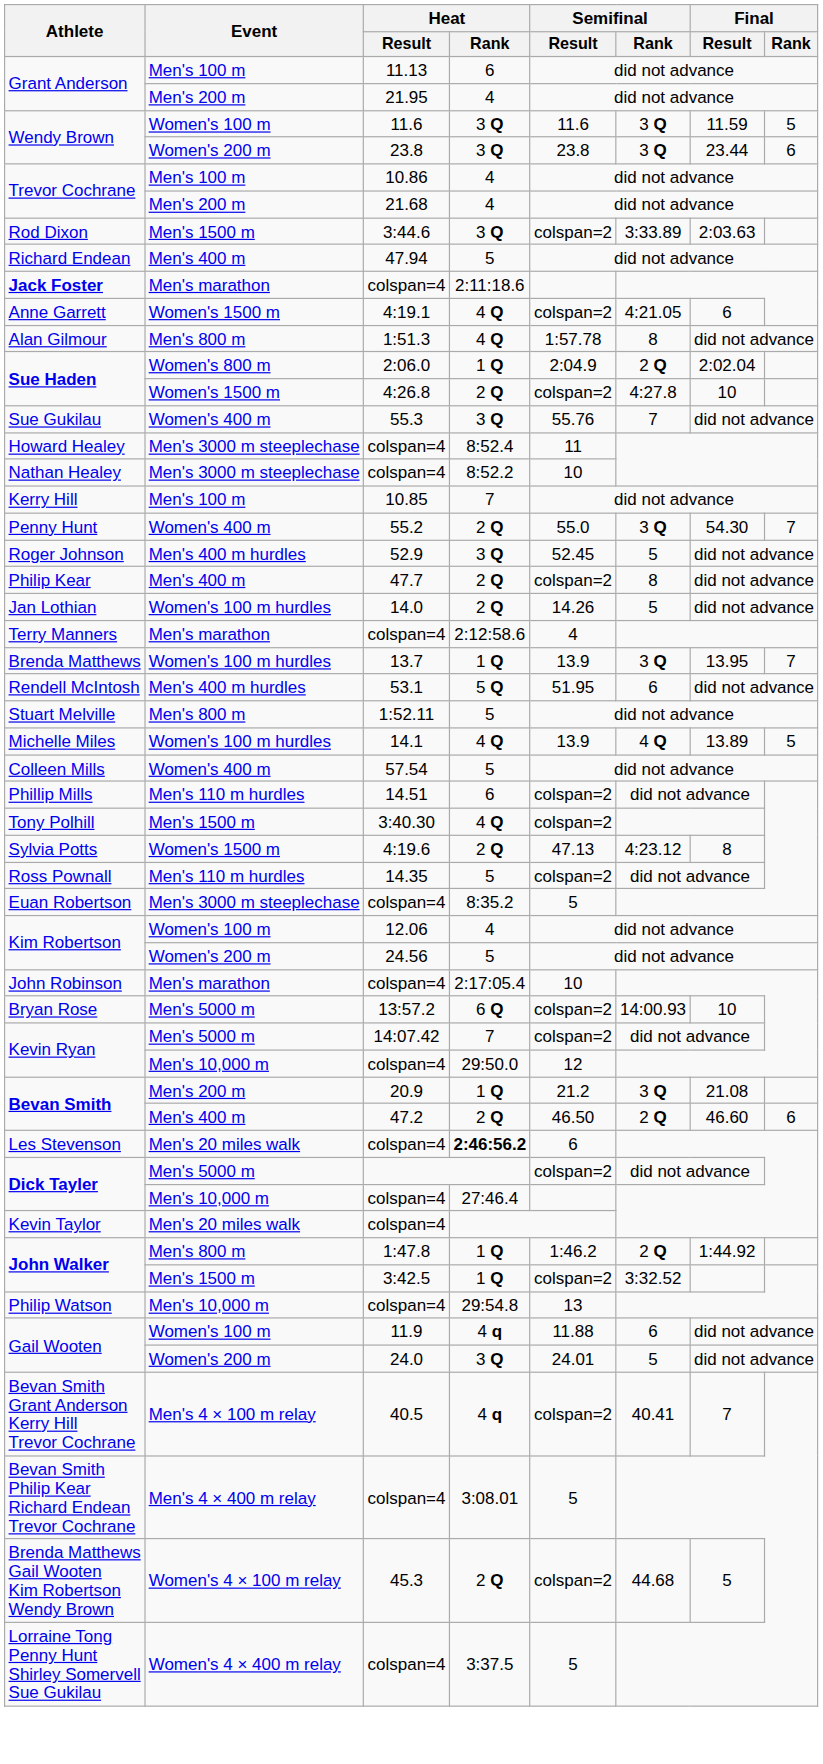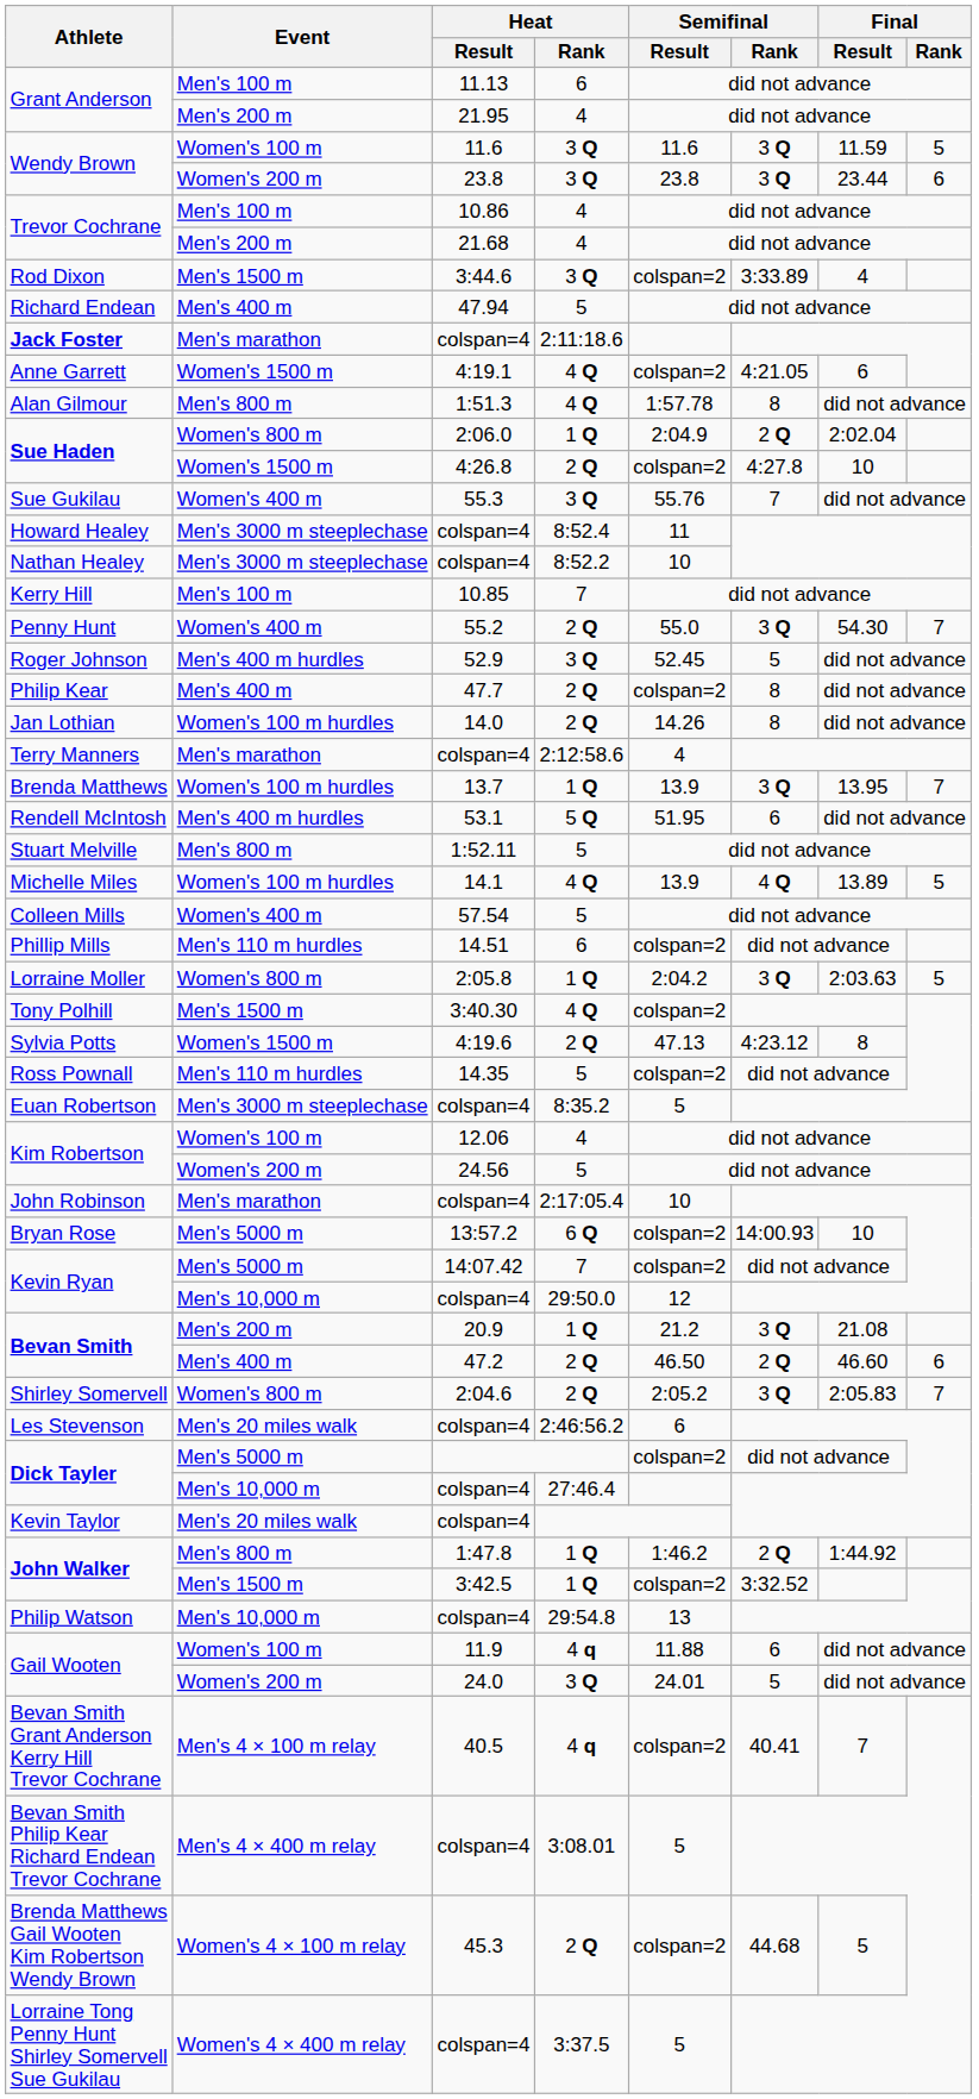 <table class=wikitable style=font-size:90%>
 <tr>
 <th rowspan=2>Athlete</th>
 <th rowspan=2>Event</th>
 <th colspan=2>Heat</th>
 <th colspan=2>Semifinal</th>
 <th colspan=2>Final</th>
 </tr>
 <tr style=font-size:95%>
 <th>Result</th>
 <th>Rank</th>
 <th>Result</th>
 <th>Rank</th>
 <th>Result</th>
 <th>Rank</th>
 </tr>
 <tr align=center>
 <td align=left rowspan=2><a href='#'>Grant Anderson</a></td>
 <td align=left><a href='#'>Men's 100 m</a></td>
 <td>11.13</td>
 <td>6</td>
 <td colspan=4>did not advance</td>
 </tr>
 <tr align=center>
 <td align=left><a href='#'>Men's 200 m</a></td>
 <td>21.95</td>
 <td>4</td>
 <td colspan=4>did not advance</td>
 </tr>
 <tr align=center>
 <td align=left rowspan=2><a href='#'>Wendy Brown</a></td>
 <td align=left><a href='#'>Women's 100 m</a></td>
 <td>11.6</td>
 <td>3 <strong>Q</strong></td>
 <td>11.6</td>
 <td>3 <strong>Q</strong></td>
 <td>11.59</td>
 <td>5</td>
 </tr>
 <tr align=center>
 <td align=left><a href='#'>Women's 200 m</a></td>
 <td>23.8</td>
 <td>3 <strong>Q</strong></td>
 <td>23.8</td>
 <td>3 <strong>Q</strong></td>
 <td>23.44</td>
 <td>6</td>
 </tr>
 <tr align=center>
 <td align=left rowspan=2><a href='#'>Trevor Cochrane</a></td>
 <td align=left><a href='#'>Men's 100 m</a></td>
 <td>10.86</td>
 <td>4</td>
 <td colspan=4>did not advance</td>
 </tr>
 <tr align=center>
 <td align=left><a href='#'>Men's 200 m</a></td>
 <td>21.68</td>
 <td>4</td>
 <td colspan=4>did not advance</td>
 </tr>
 <tr align=center>
 <td align=left><a href='#'>Rod Dixon</a></td>
 <td align=left><a href='#'>Men's 1500 m</a></td>
 <td>3:44.6</td>
 <td>3 <strong>Q</strong></td>
 <td>colspan=2 </td>
 <td>3:33.89</td>
-<td>2:03.63</td>
+<td>4</td>
 </tr>
 <tr align=center>
 <td align=left><a href='#'>Richard Endean</a></td>
 <td align=left><a href='#'>Men's 400 m</a></td>
 <td>47.94</td>
 <td>5</td>
 <td colspan=4>did not advance</td>
 </tr>
 <tr align=center>
 <td align=left><strong><a href='#'>Jack Foster</a></strong></td>
 <td align=left><a href='#'>Men's marathon</a></td>
 <td>colspan=4 </td>
 <td>2:11:18.6</td>
 <td></td>
 </tr>
 <tr align=center>
 <td align=left><a href='#'>Anne Garrett</a></td>
 <td align=left><a href='#'>Women's 1500 m</a></td>
 <td>4:19.1</td>
 <td>4 <strong>Q</strong></td>
 <td>colspan=2 </td>
 <td>4:21.05</td>
 <td>6</td>
 </tr>
 <tr align=center>
 <td align=left><a href='#'>Alan Gilmour</a></td>
 <td align=left><a href='#'>Men's 800 m</a></td>
 <td>1:51.3</td>
 <td>4 <strong>Q</strong></td>
 <td>1:57.78</td>
 <td>8</td>
 <td colspan=2>did not advance</td>
 </tr>
 <tr align=center>
 <td align=left rowspan=2><strong><a href='#'>Sue Haden</a></strong></td>
 <td align=left><a href='#'>Women's 800 m</a></td>
 <td>2:06.0</td>
 <td>1 <strong>Q</strong></td>
 <td>2:04.9</td>
 <td>2 <strong>Q</strong></td>
 <td>2:02.04</td>
 <td></td>
 </tr>
 <tr align=center>
 <td align=left><a href='#'>Women's 1500 m</a></td>
 <td>4:26.8</td>
 <td>2 <strong>Q</strong></td>
 <td>colspan=2 </td>
 <td>4:27.8</td>
 <td>10</td>
 </tr>
 <tr align=center>
 <td align=left><a href='#'>Sue Gukilau</a></td>
 <td align=left><a href='#'>Women's 400 m</a></td>
 <td>55.3</td>
 <td>3 <strong>Q</strong></td>
 <td>55.76</td>
 <td>7</td>
 <td colspan=2>did not advance</td>
 </tr>
 <tr align=center>
 <td align=left><a href='#'>Howard Healey</a></td>
 <td align=left><a href='#'>Men's 3000 m steeplechase</a></td>
 <td>colspan=4 </td>
 <td>8:52.4</td>
 <td>11</td>
 </tr>
 <tr align=center>
 <td align=left><a href='#'>Nathan Healey</a></td>
 <td align=left><a href='#'>Men's 3000 m steeplechase</a></td>
 <td>colspan=4 </td>
 <td>8:52.2</td>
 <td>10</td>
 </tr>
 <tr align=center>
 <td align=left><a href='#'>Kerry Hill</a></td>
 <td align=left><a href='#'>Men's 100 m</a></td>
 <td>10.85</td>
 <td>7</td>
 <td colspan=4>did not advance</td>
 </tr>
 <tr align=center>
 <td align=left><a href='#'>Penny Hunt</a></td>
 <td align=left><a href='#'>Women's 400 m</a></td>
 <td>55.2</td>
 <td>2 <strong>Q</strong></td>
 <td>55.0</td>
 <td>3 <strong>Q</strong></td>
 <td>54.30</td>
 <td>7</td>
 </tr>
 <tr align=center>
 <td align=left><a href='#'>Roger Johnson</a></td>
 <td align=left><a href='#'>Men's 400 m hurdles</a></td>
 <td>52.9</td>
 <td>3 <strong>Q</strong></td>
 <td>52.45</td>
 <td>5</td>
 <td colspan=2>did not advance</td>
 </tr>
 <tr align=center>
 <td align=left><a href='#'>Philip Kear</a></td>
 <td align=left><a href='#'>Men's 400 m</a></td>
 <td>47.7</td>
 <td>2 <strong>Q</strong></td>
 <td>colspan=2 </td>
 <td>8</td>
 <td colspan=2>did not advance</td>
 </tr>
 <tr align=center>
 <td align=left><a href='#'>Jan Lothian</a></td>
 <td align=left><a href='#'>Women's 100 m hurdles</a></td>
 <td>14.0</td>
 <td>2 <strong>Q</strong></td>
 <td>14.26</td>
-<td>5</td>
+<td>8</td>
 <td colspan=2>did not advance</td>
 </tr>
 <tr align=center>
 <td align=left><a href='#'>Terry Manners</a></td>
 <td align=left><a href='#'>Men's marathon</a></td>
 <td>colspan=4 </td>
 <td>2:12:58.6</td>
 <td>4</td>
 </tr>
 <tr align=center>
 <td align=left><a href='#'>Brenda Matthews</a></td>
 <td align=left><a href='#'>Women's 100 m hurdles</a></td>
 <td>13.7</td>
 <td>1 <strong>Q</strong></td>
 <td>13.9</td>
 <td>3 <strong>Q</strong></td>
 <td>13.95</td>
 <td>7</td>
 </tr>
 <tr align=center>
 <td align=left><a href='#'>Rendell McIntosh</a></td>
 <td align=left><a href='#'>Men's 400 m hurdles</a></td>
 <td>53.1</td>
 <td>5 <strong>Q</strong></td>
 <td>51.95</td>
 <td>6</td>
 <td colspan=2>did not advance</td>
 </tr>
 <tr align=center>
 <td align=left><a href='#'>Stuart Melville</a></td>
 <td align=left><a href='#'>Men's 800 m</a></td>
 <td>1:52.11</td>
 <td>5</td>
 <td colspan=4>did not advance</td>
 </tr>
 <tr align=center>
 <td align=left><a href='#'>Michelle Miles</a></td>
 <td align=left><a href='#'>Women's 100 m hurdles</a></td>
 <td>14.1</td>
 <td>4 <strong>Q</strong></td>
 <td>13.9</td>
 <td>4 <strong>Q</strong></td>
 <td>13.89</td>
 <td>5</td>
 </tr>
 <tr align=center>
 <td align=left><a href='#'>Colleen Mills</a></td>
 <td align=left><a href='#'>Women's 400 m</a></td>
 <td>57.54</td>
 <td>5</td>
 <td colspan=4>did not advance</td>
 </tr>
 <tr align=center>
 <td align=left><a href='#'>Phillip Mills</a></td>
 <td align=left><a href='#'>Men's 110 m hurdles</a></td>
 <td>14.51</td>
 <td>6</td>
 <td>colspan=2 </td>
 <td colspan=2>did not advance</td>
+</tr>
+<tr align=center>
+<td align=left><a href='#'>Lorraine Moller</a></td>
+<td align=left><a href='#'>Women's 800 m</a></td>
+<td>2:05.8</td>
+<td>1 <strong>Q</strong></td>
+<td>2:04.2</td>
+<td>3 <strong>Q</strong></td>
+<td>2:03.63</td>
+<td>5</td>
 </tr>
 <tr align=center>
 <td align=left><a href='#'>Tony Polhill</a></td>
 <td align=left><a href='#'>Men's 1500 m</a></td>
 <td>3:40.30</td>
 <td>4 <strong>Q</strong></td>
 <td>colspan=2 </td>
 <td colspan=2></td>
 </tr>
 <tr align=center>
 <td align=left><a href='#'>Sylvia Potts</a></td>
 <td align=left><a href='#'>Women's 1500 m</a></td>
 <td>4:19.6</td>
 <td>2 <strong>Q</strong></td>
 <td>47.13</td>
 <td>4:23.12</td>
 <td>8</td>
 </tr>
 <tr align=center>
 <td align=left><a href='#'>Ross Pownall</a></td>
 <td align=left><a href='#'>Men's 110 m hurdles</a></td>
 <td>14.35</td>
 <td>5</td>
 <td>colspan=2 </td>
 <td colspan=2>did not advance</td>
 </tr>
 <tr align=center>
 <td align=left><a href='#'>Euan Robertson</a></td>
 <td align=left><a href='#'>Men's 3000 m steeplechase</a></td>
 <td>colspan=4 </td>
 <td>8:35.2</td>
 <td>5</td>
 </tr>
 <tr align=center>
 <td align=left rowspan=2><a href='#'>Kim Robertson</a></td>
 <td align=left><a href='#'>Women's 100 m</a></td>
 <td>12.06</td>
 <td>4</td>
 <td colspan=4>did not advance</td>
 </tr>
 <tr align=center>
 <td align=left><a href='#'>Women's 200 m</a></td>
 <td>24.56</td>
 <td>5</td>
 <td colspan=4>did not advance</td>
 </tr>
 <tr align=center>
 <td align=left><a href='#'>John Robinson</a></td>
 <td align=left><a href='#'>Men's marathon</a></td>
 <td>colspan=4 </td>
 <td>2:17:05.4</td>
 <td>10</td>
 </tr>
 <tr align=center>
 <td align=left><a href='#'>Bryan Rose</a></td>
 <td align=left><a href='#'>Men's 5000 m</a></td>
 <td>13:57.2</td>
 <td>6 <strong>Q</strong></td>
 <td>colspan=2 </td>
 <td>14:00.93</td>
 <td>10</td>
 </tr>
 <tr align=center>
 <td align=left rowspan=2><a href='#'>Kevin Ryan</a></td>
 <td align=left><a href='#'>Men's 5000 m</a></td>
 <td>14:07.42</td>
 <td>7</td>
 <td>colspan=2 </td>
 <td colspan=2>did not advance</td>
 </tr>
 <tr align=center>
 <td align=left><a href='#'>Men's 10,000 m</a></td>
 <td>colspan=4 </td>
 <td>29:50.0</td>
 <td>12</td>
 </tr>
 <tr align=center>
 <td align=left rowspan=2><strong><a href='#'>Bevan Smith</a></strong></td>
 <td align=left><a href='#'>Men's 200 m</a></td>
 <td>20.9</td>
 <td>1 <strong>Q</strong></td>
 <td>21.2</td>
 <td>3 <strong>Q</strong></td>
 <td>21.08</td>
 <td></td>
 </tr>
 <tr align=center>
 <td align=left><a href='#'>Men's 400 m</a></td>
 <td>47.2</td>
 <td>2 <strong>Q</strong></td>
 <td>46.50</td>
 <td>2 <strong>Q</strong></td>
 <td>46.60</td>
 <td>6</td>
 </tr>
 <tr align=center>
+<td align=left><a href='#'>Shirley Somervell</a></td>
+<td align=left><a href='#'>Women's 800 m</a></td>
+<td>2:04.6</td>
+<td>2 <strong>Q</strong></td>
+<td>2:05.2</td>
+<td>3 <strong>Q</strong></td>
+<td>2:05.83</td>
+<td>7</td>
+</tr>
+<tr align=center>
 <td align=left><a href='#'>Les Stevenson</a></td>
 <td align=left><a href='#'>Men's 20 miles walk</a></td>
 <td>colspan=4 </td>
-<td><strong>2:46:56.2</strong></td>
+<td>2:46:56.2</td>
 <td>6</td>
 </tr>
 <tr align=center>
 <td align=left rowspan=2><strong><a href='#'>Dick Tayler</a></strong></td>
 <td align=left><a href='#'>Men's 5000 m</a></td>
 <td colspan=2></td>
 <td>colspan=2 </td>
 <td colspan=2>did not advance</td>
 </tr>
 <tr align=center>
 <td align=left><a href='#'>Men's 10,000 m</a></td>
 <td>colspan=4 </td>
 <td>27:46.4</td>
 <td></td>
 </tr>
 <tr align=center>
 <td align=left><a href='#'>Kevin Taylor</a></td>
 <td align=left><a href='#'>Men's 20 miles walk</a></td>
 <td>colspan=4 </td>
 <td colspan=2></td>
 </tr>
 <tr align=center>
 <td align=left rowspan=2><strong><a href='#'>John Walker</a></strong></td>
 <td align=left><a href='#'>Men's 800 m</a></td>
 <td>1:47.8</td>
 <td>1 <strong>Q</strong></td>
 <td>1:46.2</td>
 <td>2 <strong>Q</strong></td>
 <td>1:44.92</td>
 <td></td>
 </tr>
 <tr align=center>
 <td align=left><a href='#'>Men's 1500 m</a></td>
 <td>3:42.5</td>
 <td>1 <strong>Q</strong></td>
 <td>colspan=2 </td>
 <td>3:32.52</td>
 <td></td>
 </tr>
 <tr align=center>
 <td align=left><a href='#'>Philip Watson</a></td>
 <td align=left><a href='#'>Men's 10,000 m</a></td>
 <td>colspan=4 </td>
 <td>29:54.8</td>
 <td>13</td>
 </tr>
 <tr align=center>
 <td align=left rowspan=2><a href='#'>Gail Wooten</a></td>
 <td align=left><a href='#'>Women's 100 m</a></td>
 <td>11.9</td>
 <td>4 <strong>q</strong></td>
 <td>11.88</td>
 <td>6</td>
 <td colspan=2>did not advance</td>
 </tr>
 <tr align=center>
 <td align=left><a href='#'>Women's 200 m</a></td>
 <td>24.0</td>
 <td>3 <strong>Q</strong></td>
 <td>24.01</td>
 <td>5</td>
 <td colspan=2>did not advance</td>
 </tr>
 <tr align=center>
 <td align=left><a href='#'>Bevan Smith</a><br><a href='#'>Grant Anderson</a><br><a href='#'>Kerry Hill</a><br><a href='#'>Trevor Cochrane</a></td>
 <td align=left><a href='#'>Men's 4 × 100 m relay</a></td>
 <td>40.5</td>
 <td>4 <strong>q</strong></td>
 <td>colspan=2 </td>
 <td>40.41</td>
 <td>7</td>
 </tr>
 <tr align=center>
 <td align=left><a href='#'>Bevan Smith</a><br><a href='#'>Philip Kear</a><br><a href='#'>Richard Endean</a><br><a href='#'>Trevor Cochrane</a></td>
 <td align=left><a href='#'>Men's 4 × 400 m relay</a></td>
 <td>colspan=4 </td>
 <td>3:08.01</td>
 <td>5</td>
 </tr>
 <tr align=center>
 <td align=left><a href='#'>Brenda Matthews</a><br><a href='#'>Gail Wooten</a><br><a href='#'>Kim Robertson</a><br><a href='#'>Wendy Brown</a></td>
 <td align=left><a href='#'>Women's 4 × 100 m relay</a></td>
 <td>45.3</td>
 <td>2 <strong>Q</strong></td>
 <td>colspan=2 </td>
 <td>44.68</td>
 <td>5</td>
 </tr>
 <tr align=center>
 <td align=left><a href='#'>Lorraine Tong</a><br><a href='#'>Penny Hunt</a><br><a href='#'>Shirley Somervell</a><br><a href='#'>Sue Gukilau</a></td>
 <td align=left><a href='#'>Women's 4 × 400 m relay</a></td>
 <td>colspan=4 </td>
 <td>3:37.5</td>
 <td>5</td>
 </tr>
 </table>
